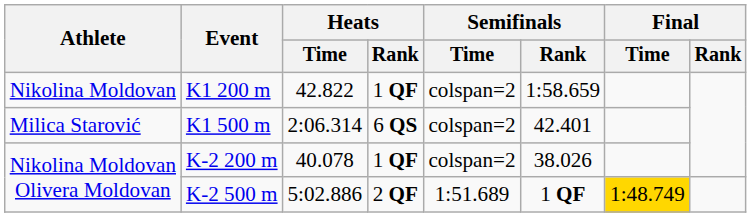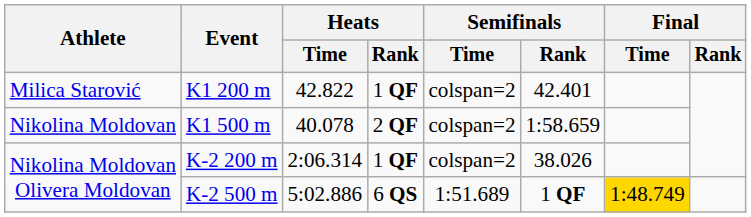 <table class=wikitable style="font-size:90%;">
 <tr>
 <th rowspan=2>Athlete</th>
 <th rowspan=2>Event</th>
 <th colspan=2>Heats</th>
 <th colspan=2>Semifinals</th>
 <th colspan=2>Final</th>
 </tr>
 <tr style="font-size:95%">
 <th>Time</th>
 <th>Rank</th>
 <th>Time</th>
 <th>Rank</th>
 <th>Time</th>
 <th>Rank</th>
 </tr>
 <tr align=center>
-<td align=left><a href='#'>Nikolina Moldovan</a></td>
+<td align=left><a href='#'>Milica Starović</a></td>
 <td align=left><a href='#'>K1 200 m</a></td>
 <td>42.822</td>
 <td>1 <strong>QF</strong></td>
+<td>colspan=2 </td>
+<td>42.401</td>
+<td></td>
+</tr>
+<tr align=center>
+<td align=left><a href='#'>Nikolina Moldovan</a></td>
+<td align=left><a href='#'>K1 500 m</a></td>
+<td>40.078</td>
+<td>2 <strong>QF</strong></td>
 <td>colspan=2 </td>
 <td>1:58.659</td>
 <td></td>
 </tr>
 <tr align=center>
-<td align=left><a href='#'>Milica Starović</a></td>
-<td align=left><a href='#'>K1 500 m</a></td>
-<td>2:06.314</td>
-<td>6 <strong>QS</strong></td>
-<td>colspan=2 </td>
-<td>42.401</td>
-<td></td>
-</tr>
-<tr align=center>
 <td rowspan=2><a href='#'>Nikolina Moldovan</a><br><a href='#'>Olivera Moldovan</a></td>
 <td align=left><a href='#'>K-2 200 m</a></td>
-<td>40.078</td>
+<td>2:06.314</td>
 <td>1 <strong>QF</strong></td>
 <td>colspan=2 </td>
 <td>38.026</td>
 <td></td>
 </tr>
 <tr align=center>
 <td align=left><a href='#'>K-2 500 m</a></td>
 <td>5:02.886</td>
-<td>2 <strong>QF</strong></td>
+<td>6 <strong>QS</strong></td>
 <td>1:51.689</td>
 <td>1 <strong>QF</strong></td>
 <td style="background: gold;">1:48.749</td>
 <td></td>
 </tr>
 </table>
